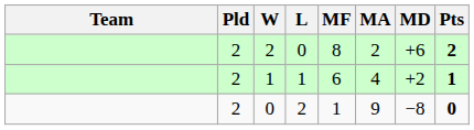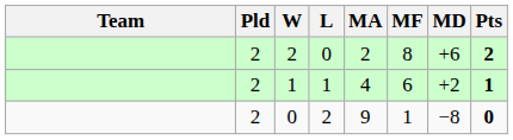 <table class=wikitable style="text-align:center">
 <tr>
 <th width=175>Team</th>
 <th width=20>Pld</th>
 <th width=20>W</th>
 <th width=20>L</th>
+<th width=20>MA</th>
 <th width=20>MF</th>
-<th width=20>MA</th>
 <th width=20>MD</th>
 <th width=20>Pts</th>
 </tr>
 <tr bgcolor=ccffcc>
 <td align=left></td>
 <td>2</td>
 <td>2</td>
 <td>0</td>
+<td>2</td>
 <td>8</td>
-<td>2</td>
 <td>+6</td>
 <td><strong>2</strong></td>
 </tr>
 <tr bgcolor=ccffcc>
 <td align=left></td>
 <td>2</td>
 <td>1</td>
 <td>1</td>
+<td>4</td>
 <td>6</td>
-<td>4</td>
 <td>+2</td>
 <td><strong>1</strong></td>
 </tr>
 <tr>
 <td align=left></td>
 <td>2</td>
 <td>0</td>
 <td>2</td>
+<td>9</td>
 <td>1</td>
-<td>9</td>
 <td>−8</td>
 <td><strong>0</strong></td>
 </tr>
 </table>
